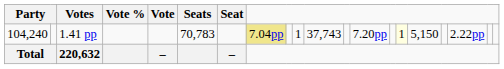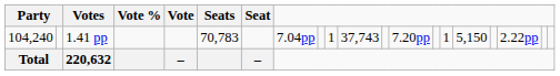 <table class=wikitable style="text-align:right;">
 <tr>
 <th colspan=2>Party</th>
 <th>Votes</th>
 <th>Vote %</th>
 <th>Vote </th>
 <th>Seats</th>
 <th>Seat </th>
 </tr>
 <tr>
 <td>104,240</td>
 <td style="text-align:center;"></td>
 <td style="text-align:left;"> 1.41 <a href='#'>pp</a></td>
 <td style="text-align:center;"></td>
 <td style="text-align:left;"><br></td>
 <td>70,783</td>
 <td style="text-align:center;"></td>
-<td style="background: khaki; text-align:left;"> 7.04<a href='#'>pp</a></td>
+<td style="text-align:left;"> 7.04<a href='#'>pp</a></td>
 <td style="text-align:center;"></td>
 <td style="text-align:left;"> 1<br></td>
 <td>37,743</td>
 <td style="text-align:center;"></td>
 <td style="text-align:left;"> 7.20<a href='#'>pp</a></td>
 <td style="text-align:center;"></td>
-<td style="background: lightyellow; text-align:left;"> 1<br></td>
+<td style="text-align:left;"> 1<br></td>
 <td>5,150</td>
 <td style="text-align:center;"></td>
 <td style="text-align:left;"> 2.22<a href='#'>pp</a></td>
 <td style="text-align:center;"></td>
 <td style="text-align:left;"></td>
 </tr>
 <tr>
 <th colspan="2">Total</th>
 <th>220,632</th>
 <th></th>
 <th>–</th>
 <th></th>
 <th>–</th>
 </tr>
 </table>
